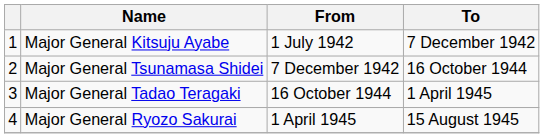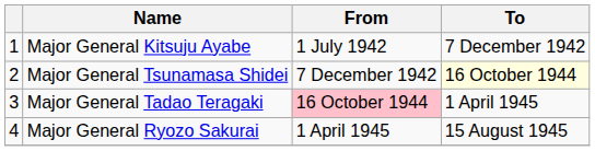 <table class=wikitable>
 <tr>
 <th></th>
 <th>Name</th>
 <th>From</th>
 <th>To</th>
 </tr>
 <tr>
 <td>1</td>
 <td>Major General <a href='#'>Kitsuju Ayabe</a></td>
 <td>1 July 1942</td>
 <td>7 December 1942</td>
 </tr>
 <tr>
 <td>2</td>
 <td>Major General <a href='#'>Tsunamasa Shidei</a></td>
 <td>7 December 1942</td>
-<td>16 October 1944</td>
+<td style="background: lightyellow;">16 October 1944</td>
 </tr>
 <tr>
 <td>3</td>
 <td>Major General <a href='#'>Tadao Teragaki</a></td>
-<td>16 October 1944</td>
+<td style="background: pink;">16 October 1944</td>
 <td>1 April 1945</td>
 </tr>
 <tr>
 <td>4</td>
 <td>Major General <a href='#'>Ryozo Sakurai</a></td>
 <td>1 April 1945</td>
 <td>15 August 1945</td>
 </tr>
 <tr>
 </tr>
 </table>
